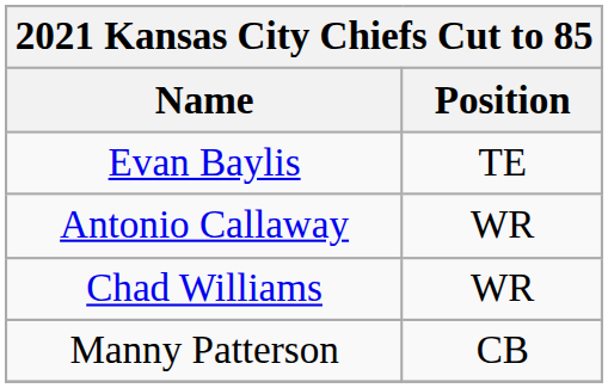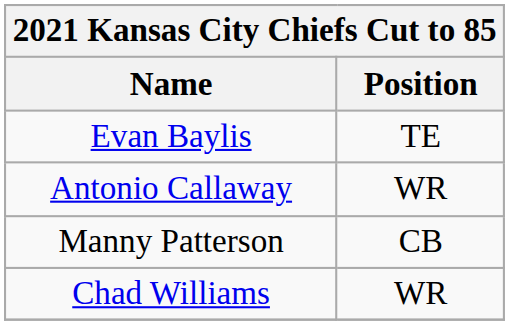 <table class="wikitable" style="text-align:center">
 <tr>
 <th colspan=2>2021 Kansas City Chiefs Cut to 85</th>
 </tr>
 <tr>
 <th>Name</th>
 <th>Position</th>
 </tr>
 <tr>
 <td><a href='#'>Evan Baylis</a></td>
 <td>TE</td>
 </tr>
 <tr>
 <td><a href='#'>Antonio Callaway</a></td>
 <td>WR</td>
 </tr>
 <tr>
+<td>Manny Patterson</td>
+<td>CB</td>
+</tr>
+<tr>
 <td><a href='#'>Chad Williams</a></td>
 <td>WR</td>
 </tr>
 <tr>
-<td>Manny Patterson</td>
-<td>CB</td>
-</tr>
-<tr>
 </tr>
 </table>
